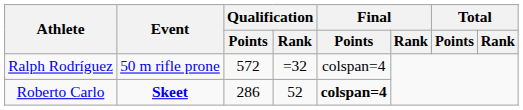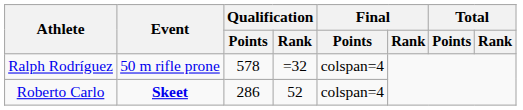 <table class=wikitable style=font-size:90%;text-align:center>
 <tr>
 <th rowspan=2>Athlete</th>
 <th rowspan=2>Event</th>
 <th colspan=2>Qualification</th>
 <th colspan=2>Final</th>
 <th colspan=2>Total</th>
 </tr>
 <tr style=font-size:95%>
 <th>Points</th>
 <th>Rank</th>
 <th>Points</th>
 <th>Rank</th>
 <th>Points</th>
 <th>Rank</th>
 </tr>
 <tr>
 <td><a href='#'>Ralph Rodríguez</a></td>
 <td><a href='#'>50 m rifle prone</a></td>
-<td>572</td>
+<td>578</td>
 <td>=32</td>
 <td>colspan=4 </td>
 </tr>
 <tr>
 <td><a href='#'>Roberto Carlo</a></td>
 <td><strong><a href='#'>Skeet</a></strong></td>
 <td>286</td>
 <td>52</td>
-<td><strong>colspan=4 </strong></td>
+<td>colspan=4 </td>
 </tr>
 </table>
